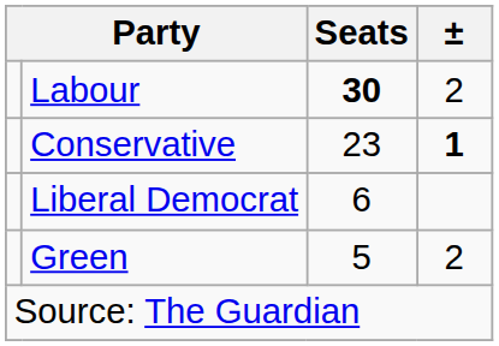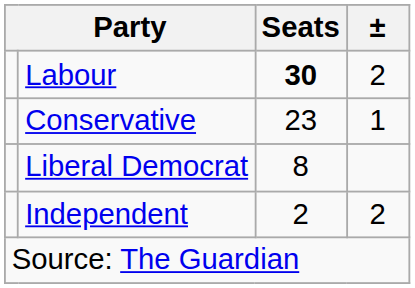 <table class="sortable wikitable">
 <tr>
 <th colspan="2">Party</th>
 <th>Seats</th>
 <th>  ±  </th>
 </tr>
 <tr>
 <td style="color:inherit;background-color: "></td>
 <td><a href='#'>Labour</a></td>
 <td align="center"><strong>30</strong></td>
 <td align="center">2</td>
 </tr>
 <tr>
 <td style="color:inherit;background-color: "></td>
 <td><a href='#'>Conservative</a></td>
 <td align="center">23</td>
-<td align="center"><strong>1</strong></td>
+<td align="center">1</td>
 </tr>
 <tr>
 <td style="color:inherit;background-color: "></td>
 <td><a href='#'>Liberal Democrat</a></td>
-<td align="center">6</td>
+<td align="center">8</td>
 <td align="center"></td>
 </tr>
 <tr>
 <td style="color:inherit;background-color: "></td>
-<td><a href='#'>Green</a></td>
-<td align="center">5</td>
+<td><a href='#'>Independent</a></td>
+<td align="center">2</td>
 <td align="center">2</td>
 </tr>
 <tr>
 <td colspan=4>Source: <a href='#'>The Guardian</a></td>
 </tr>
 </table>
